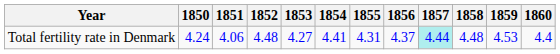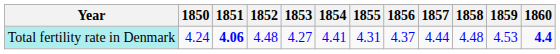 <table class="wikitable " style="text-align:right">
 <tr>
 <th>Year</th>
 <th>1850</th>
 <th>1851</th>
 <th>1852</th>
 <th>1853</th>
 <th>1854</th>
 <th>1855</th>
 <th>1856</th>
 <th>1857</th>
 <th>1858</th>
 <th>1859</th>
 <th>1860</th>
 </tr>
 <tr>
-<td align="left">Total fertility rate in Denmark</td>
+<td align="left" style="background: paleturquoise;">Total fertility rate in Denmark</td>
 <td style="text-align:right; color:blue;">4.24</td>
-<td style="text-align:right; color:blue;">4.06</td>
+<td style="text-align:right; color:blue;"><strong>4.06</strong></td>
 <td style="text-align:right; color:blue;">4.48</td>
 <td style="text-align:right; color:blue;">4.27</td>
 <td style="text-align:right; color:blue;">4.41</td>
 <td style="text-align:right; color:blue;">4.31</td>
 <td style="text-align:right; color:blue;">4.37</td>
-<td style="background: paleturquoise; text-align:right; color:blue;">4.44</td>
+<td style="text-align:right; color:blue;">4.44</td>
 <td style="text-align:right; color:blue;">4.48</td>
 <td style="text-align:right; color:blue;">4.53</td>
-<td style="text-align:right; color:blue;">4.4</td>
+<td style="text-align:right; color:blue;"><strong>4.4</strong></td>
 </tr>
 </table>
